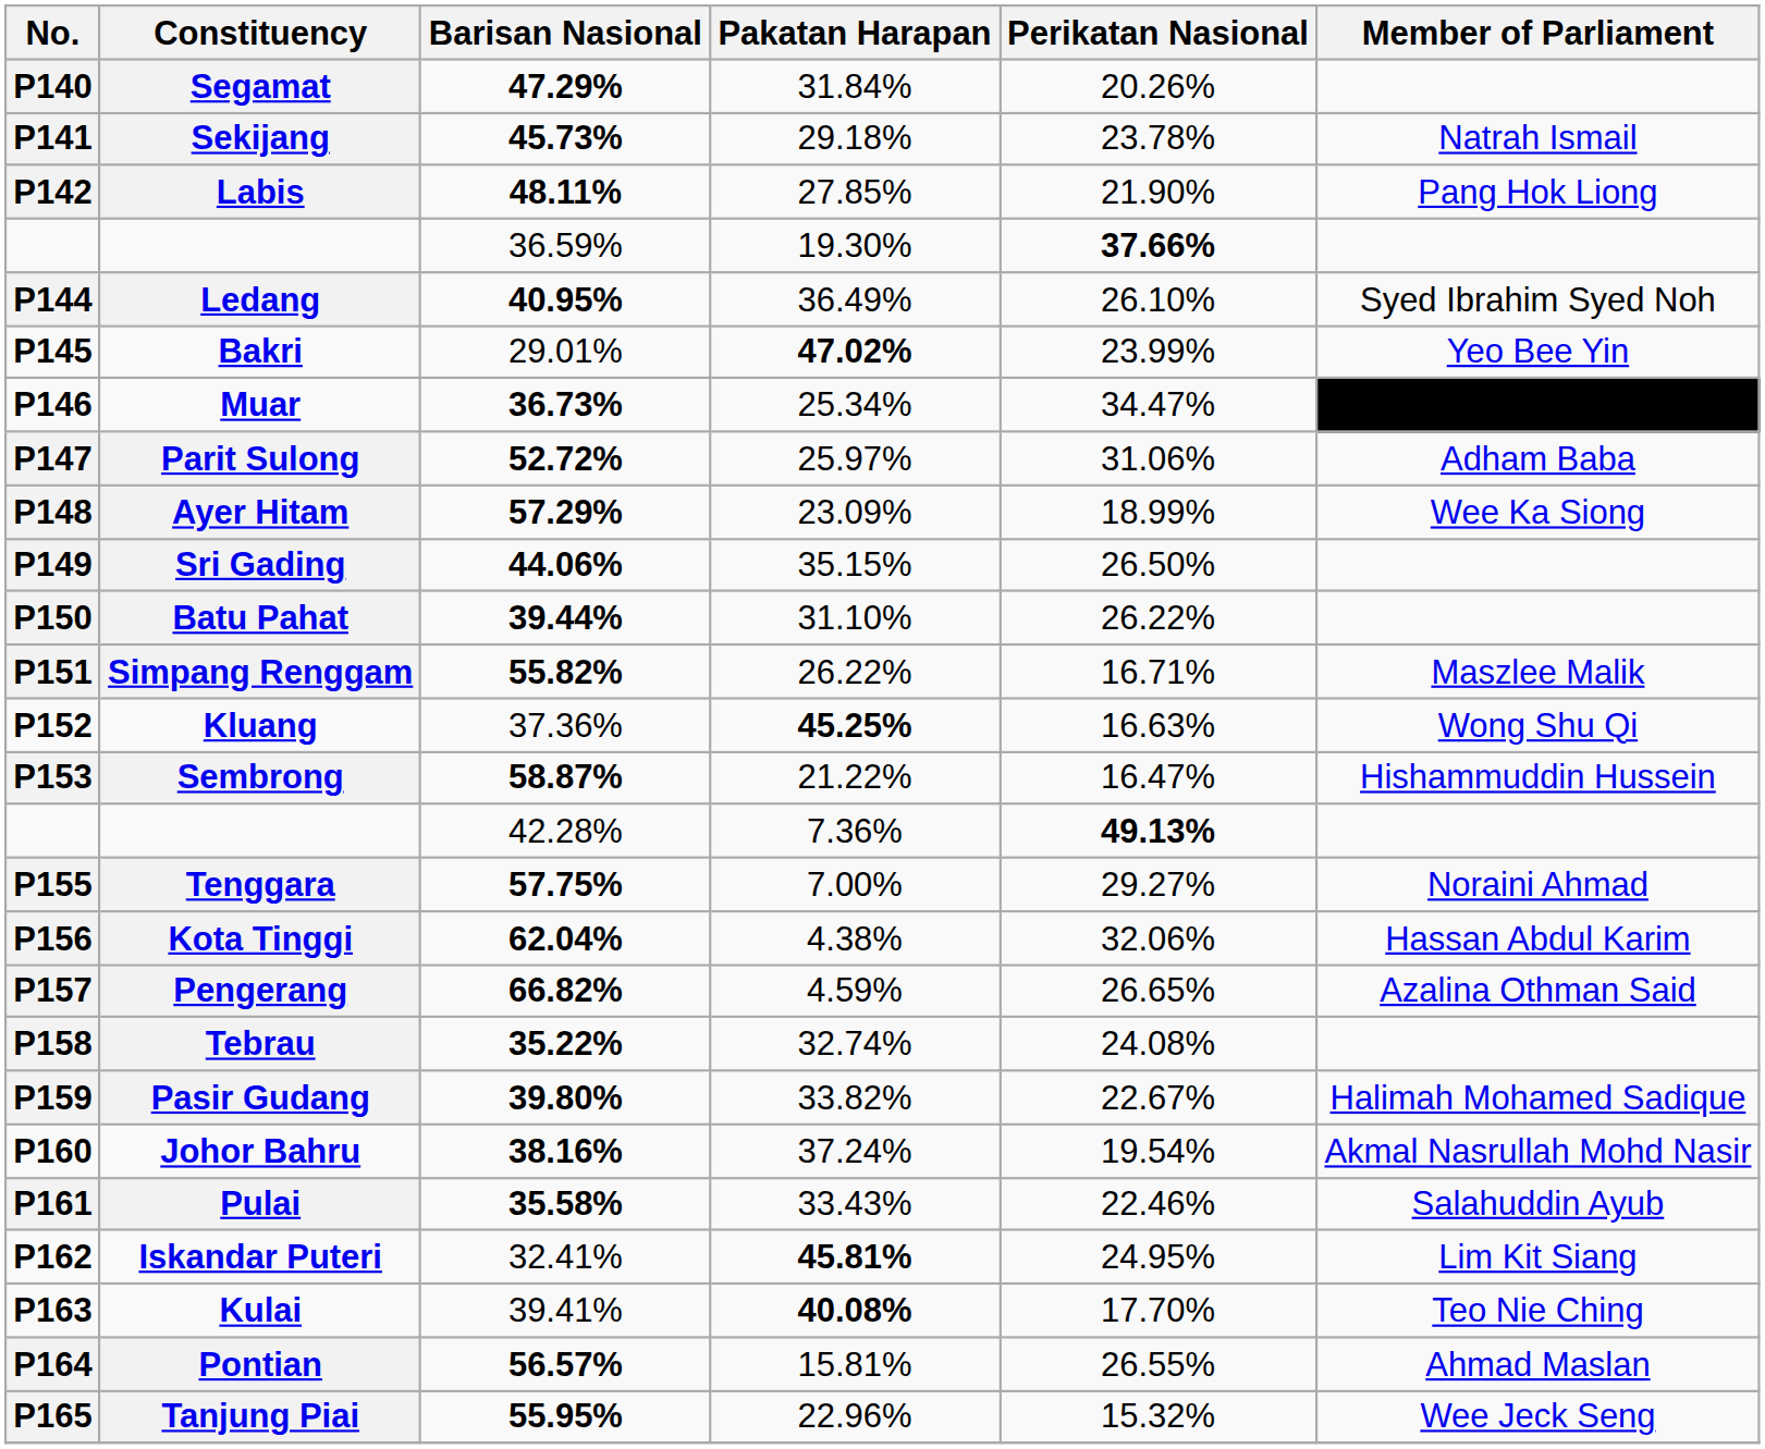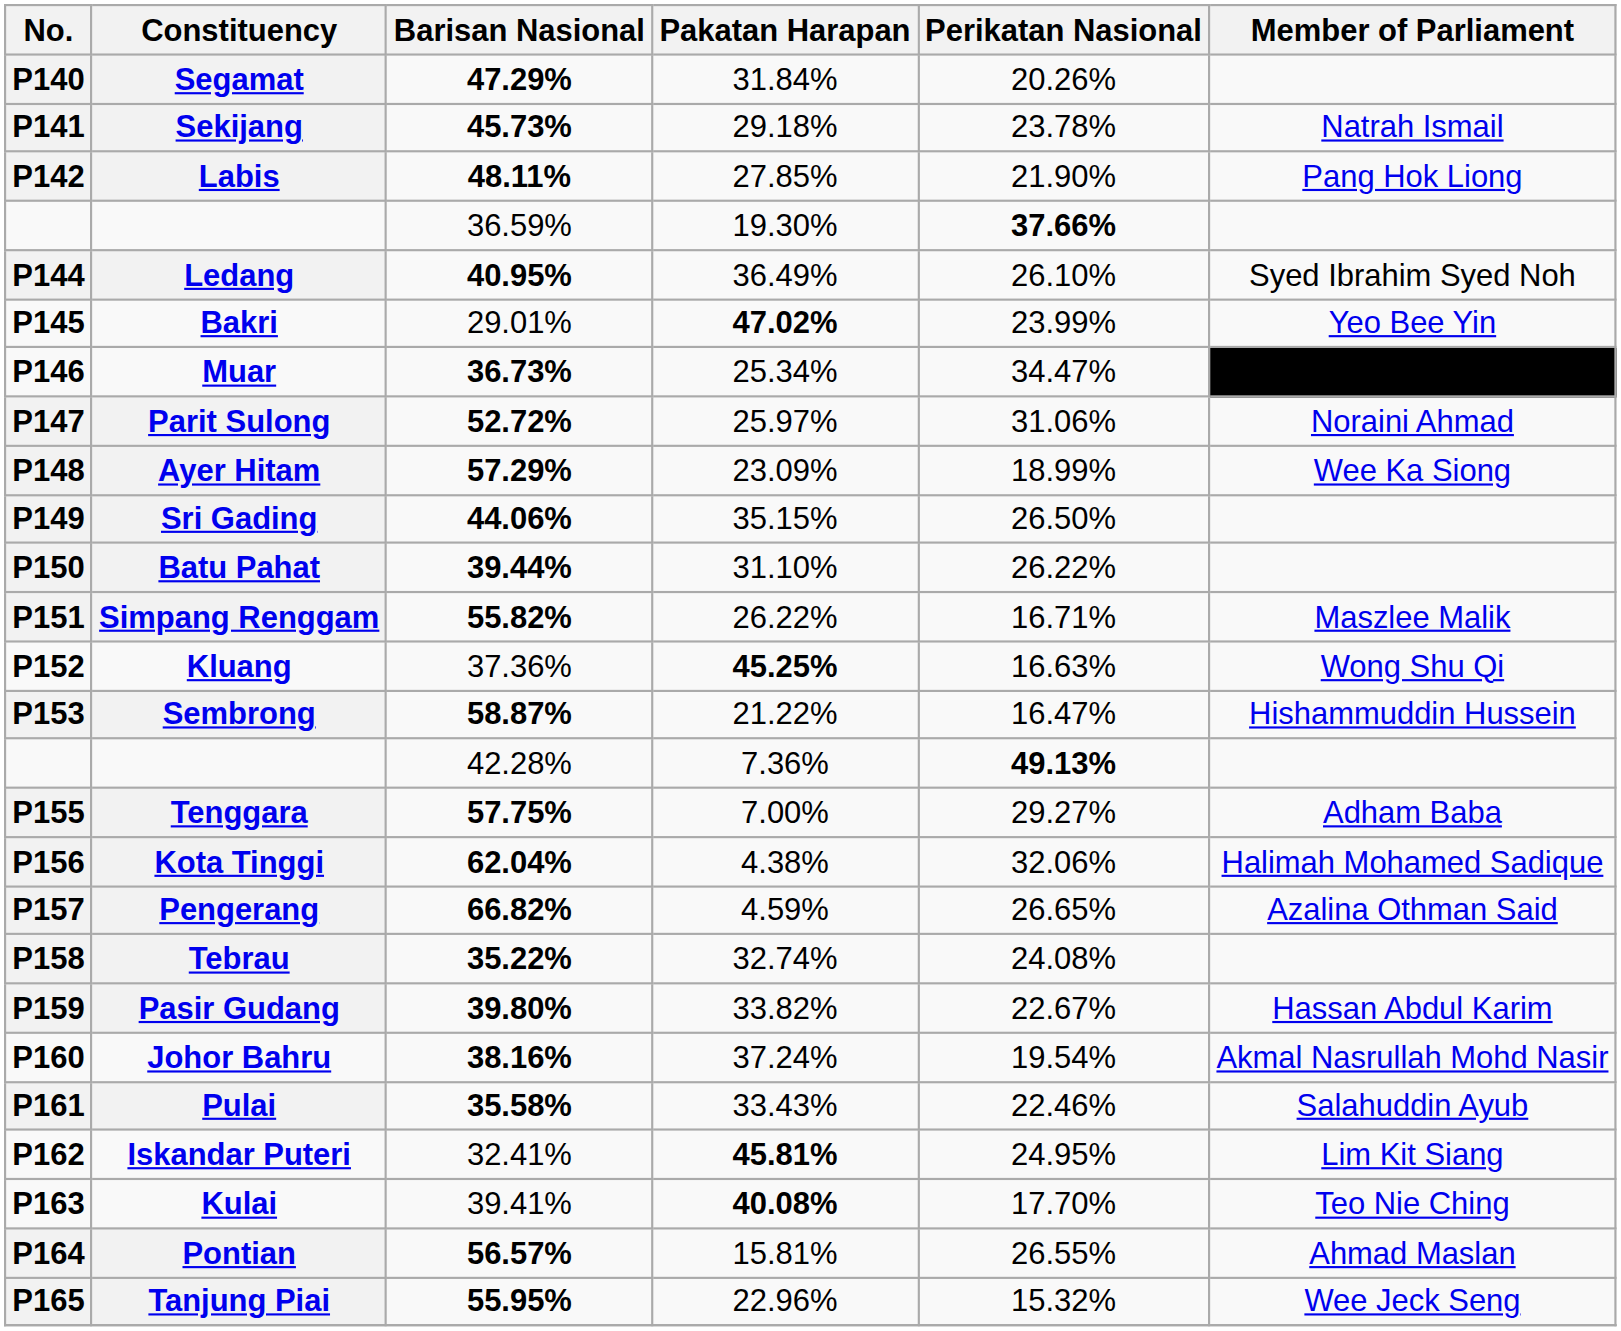 <table class="wikitable sortable" style="text-align:center; font-size:90%">
 <tr>
 <th>No.</th>
 <th>Constituency</th>
 <th>Barisan Nasional</th>
 <th>Pakatan Harapan</th>
 <th>Perikatan Nasional</th>
 <th>Member of Parliament</th>
 </tr>
 <tr align=center>
 <th>P140</th>
 <th><a href='#'>Segamat</a></th>
 <td><strong>47.29%</strong></td>
 <td>31.84%</td>
 <td>20.26%</td>
 <td></td>
 </tr>
 <tr align=center>
 <th rowspan=1 >P141</th>
 <th rowspan=1 ><a href='#'>Sekijang</a></th>
 <td><strong>45.73%</strong></td>
 <td>29.18%</td>
 <td>23.78%</td>
 <td><a href='#'>Natrah Ismail</a></td>
 </tr>
 <tr align=center>
 <th rowspan=1 >P142</th>
 <th><a href='#'>Labis</a></th>
 <td><strong>48.11%</strong></td>
 <td>27.85%</td>
 <td>21.90%</td>
 <td><a href='#'>Pang Hok Liong</a></td>
 </tr>
 <tr align=center>
 <td><strong></strong></td>
 <td><strong></strong></td>
 <td>36.59%</td>
 <td>19.30%</td>
 <td><strong>37.66%</strong></td>
 <td></td>
 </tr>
 <tr align=center>
 <th rowspan=1 >P144</th>
 <th><a href='#'>Ledang</a></th>
 <td><strong>40.95%</strong></td>
 <td>36.49%</td>
 <td>26.10%</td>
 <td>Syed Ibrahim Syed Noh</td>
 </tr>
 <tr align=center>
 <td><strong>P145</strong></td>
 <td><strong><a href='#'>Bakri</a></strong></td>
 <td>29.01%</td>
 <td><strong>47.02%</strong></td>
 <td>23.99%</td>
 <td><a href='#'>Yeo Bee Yin</a></td>
 </tr>
 <tr align=center>
 <td><strong>P146</strong></td>
 <td><strong><a href='#'>Muar</a></strong></td>
 <td><strong>36.73%</strong></td>
 <td>25.34%</td>
 <td>34.47%</td>
 <td bgcolor="black"></td>
 </tr>
 <tr align=center>
 <th>P147</th>
 <th><a href='#'>Parit Sulong</a></th>
 <td><strong>52.72%</strong></td>
 <td>25.97%</td>
 <td>31.06%</td>
-<td><a href='#'>Adham Baba</a></td>
+<td><a href='#'>Noraini Ahmad</a></td>
 </tr>
 <tr align=center>
 <th>P148</th>
 <th><a href='#'>Ayer Hitam</a></th>
 <td><strong>57.29%</strong></td>
 <td>23.09%</td>
 <td>18.99%</td>
 <td><a href='#'>Wee Ka Siong</a></td>
 </tr>
 <tr align=center>
 <th>P149</th>
 <th><a href='#'>Sri Gading</a></th>
 <td><strong>44.06%</strong></td>
 <td>35.15%</td>
 <td>26.50%</td>
 <td></td>
 </tr>
 <tr align=center>
 <th>P150</th>
 <th><a href='#'>Batu Pahat</a></th>
 <td><strong>39.44%</strong></td>
 <td>31.10%</td>
 <td>26.22%</td>
 <td></td>
 </tr>
 <tr align=center>
 <th>P151</th>
 <th><a href='#'>Simpang Renggam</a></th>
 <td><strong>55.82%</strong></td>
 <td>26.22%</td>
 <td>16.71%</td>
 <td><a href='#'>Maszlee Malik</a></td>
 </tr>
 <tr align=center>
 <td><strong>P152</strong></td>
 <td><strong><a href='#'>Kluang</a></strong></td>
 <td>37.36%</td>
 <td><strong>45.25%</strong></td>
 <td>16.63%</td>
 <td><a href='#'>Wong Shu Qi</a></td>
 </tr>
 <tr align=center>
 <th>P153</th>
 <th><a href='#'>Sembrong</a></th>
 <td><strong>58.87%</strong></td>
 <td>21.22%</td>
 <td>16.47%</td>
 <td><a href='#'>Hishammuddin Hussein</a></td>
 </tr>
 <tr align=center>
 <td><strong></strong></td>
 <td><strong></strong></td>
 <td>42.28%</td>
 <td>7.36%</td>
 <td><strong>49.13%</strong></td>
 <td></td>
 </tr>
 <tr align=center>
 <th>P155</th>
 <th><a href='#'>Tenggara</a></th>
 <td><strong>57.75%</strong></td>
 <td>7.00%</td>
 <td>29.27%</td>
-<td><a href='#'>Noraini Ahmad</a></td>
+<td><a href='#'>Adham Baba</a></td>
 </tr>
 <tr align=center>
 <th>P156</th>
 <th><a href='#'>Kota Tinggi</a></th>
 <td><strong>62.04%</strong></td>
 <td>4.38%</td>
 <td>32.06%</td>
-<td><a href='#'>Hassan Abdul Karim</a></td>
+<td><a href='#'>Halimah Mohamed Sadique</a></td>
 </tr>
 <tr align=center>
 <th>P157</th>
 <th><a href='#'>Pengerang</a></th>
 <td><strong>66.82%</strong></td>
 <td>4.59%</td>
 <td>26.65%</td>
 <td><a href='#'>Azalina Othman Said</a></td>
 </tr>
 <tr align=center>
 <th>P158</th>
 <th><a href='#'>Tebrau</a></th>
 <td><strong>35.22%</strong></td>
 <td>32.74%</td>
 <td>24.08%</td>
 <td></td>
 </tr>
 <tr align=center>
 <th>P159</th>
 <th><a href='#'>Pasir Gudang</a></th>
 <td><strong>39.80%</strong></td>
 <td>33.82%</td>
 <td>22.67%</td>
-<td><a href='#'>Halimah Mohamed Sadique</a></td>
+<td><a href='#'>Hassan Abdul Karim</a></td>
 </tr>
 <tr align=center>
 <td><strong>P160</strong></td>
 <td><strong><a href='#'>Johor Bahru</a></strong></td>
 <td><strong>38.16%</strong></td>
 <td>37.24%</td>
 <td>19.54%</td>
 <td><a href='#'>Akmal Nasrullah Mohd Nasir</a></td>
 </tr>
 <tr align=center>
 <th>P161</th>
 <th><a href='#'>Pulai</a></th>
 <td><strong>35.58%</strong></td>
 <td>33.43%</td>
 <td>22.46%</td>
 <td><a href='#'>Salahuddin Ayub</a></td>
 </tr>
 <tr align=center>
 <td><strong>P162</strong></td>
 <td><strong><a href='#'>Iskandar Puteri</a></strong></td>
 <td>32.41%</td>
 <td><strong>45.81%</strong></td>
 <td>24.95%</td>
 <td><a href='#'>Lim Kit Siang</a></td>
 </tr>
 <tr align=center>
 <td><strong>P163</strong></td>
 <td><strong><a href='#'>Kulai</a></strong></td>
 <td>39.41%</td>
 <td><strong>40.08%</strong></td>
 <td>17.70%</td>
 <td><a href='#'>Teo Nie Ching</a></td>
 </tr>
 <tr align=center>
 <th>P164</th>
 <th><a href='#'>Pontian</a></th>
 <td><strong>56.57%</strong></td>
 <td>15.81%</td>
 <td>26.55%</td>
 <td><a href='#'>Ahmad Maslan</a></td>
 </tr>
 <tr align=center>
 <th>P165</th>
 <th><a href='#'>Tanjung Piai</a></th>
 <td><strong>55.95%</strong></td>
 <td>22.96%</td>
 <td>15.32%</td>
 <td><a href='#'>Wee Jeck Seng</a></td>
 </tr>
 <tr>
 </tr>
 </table>
